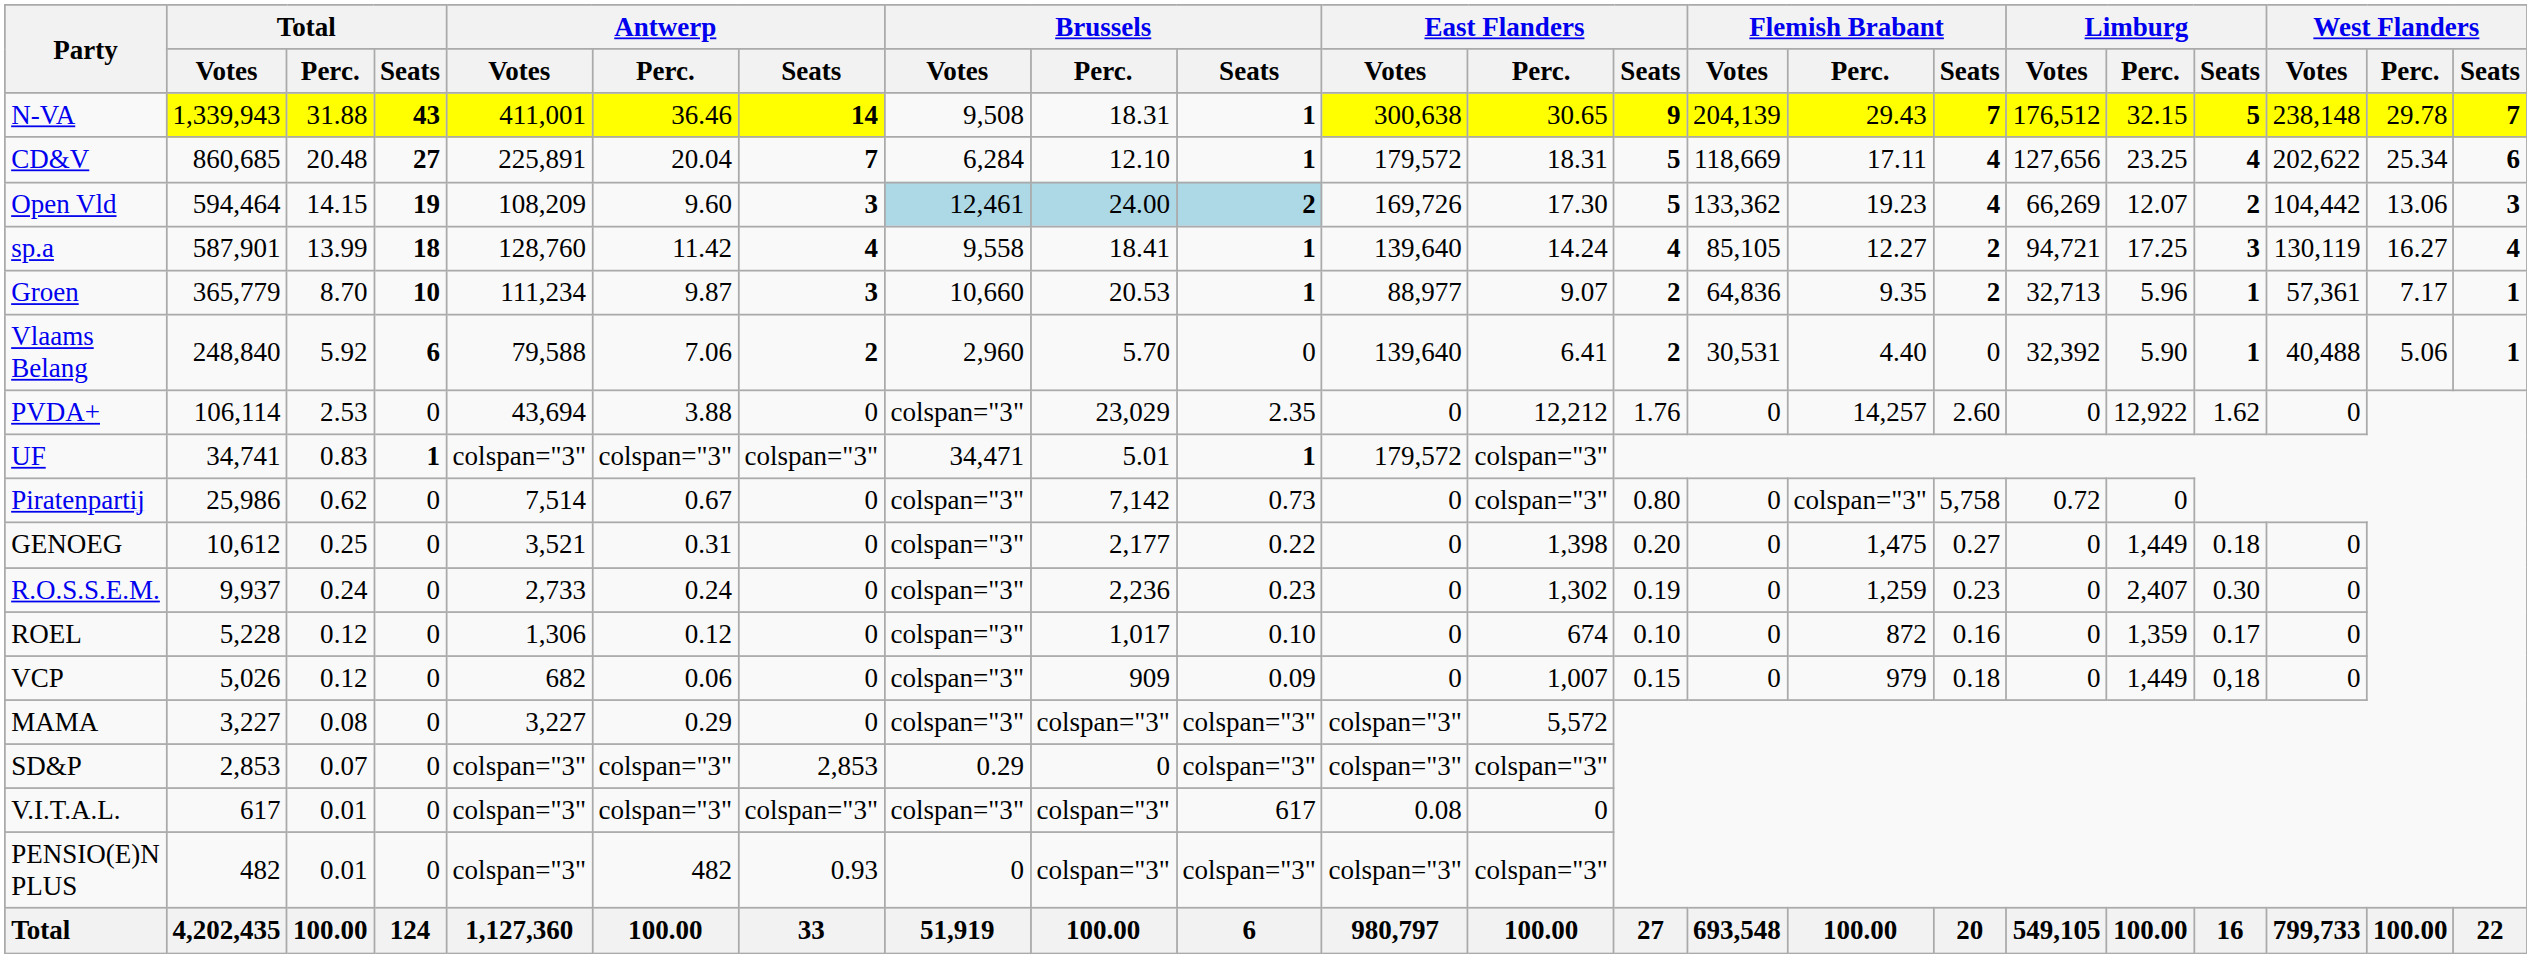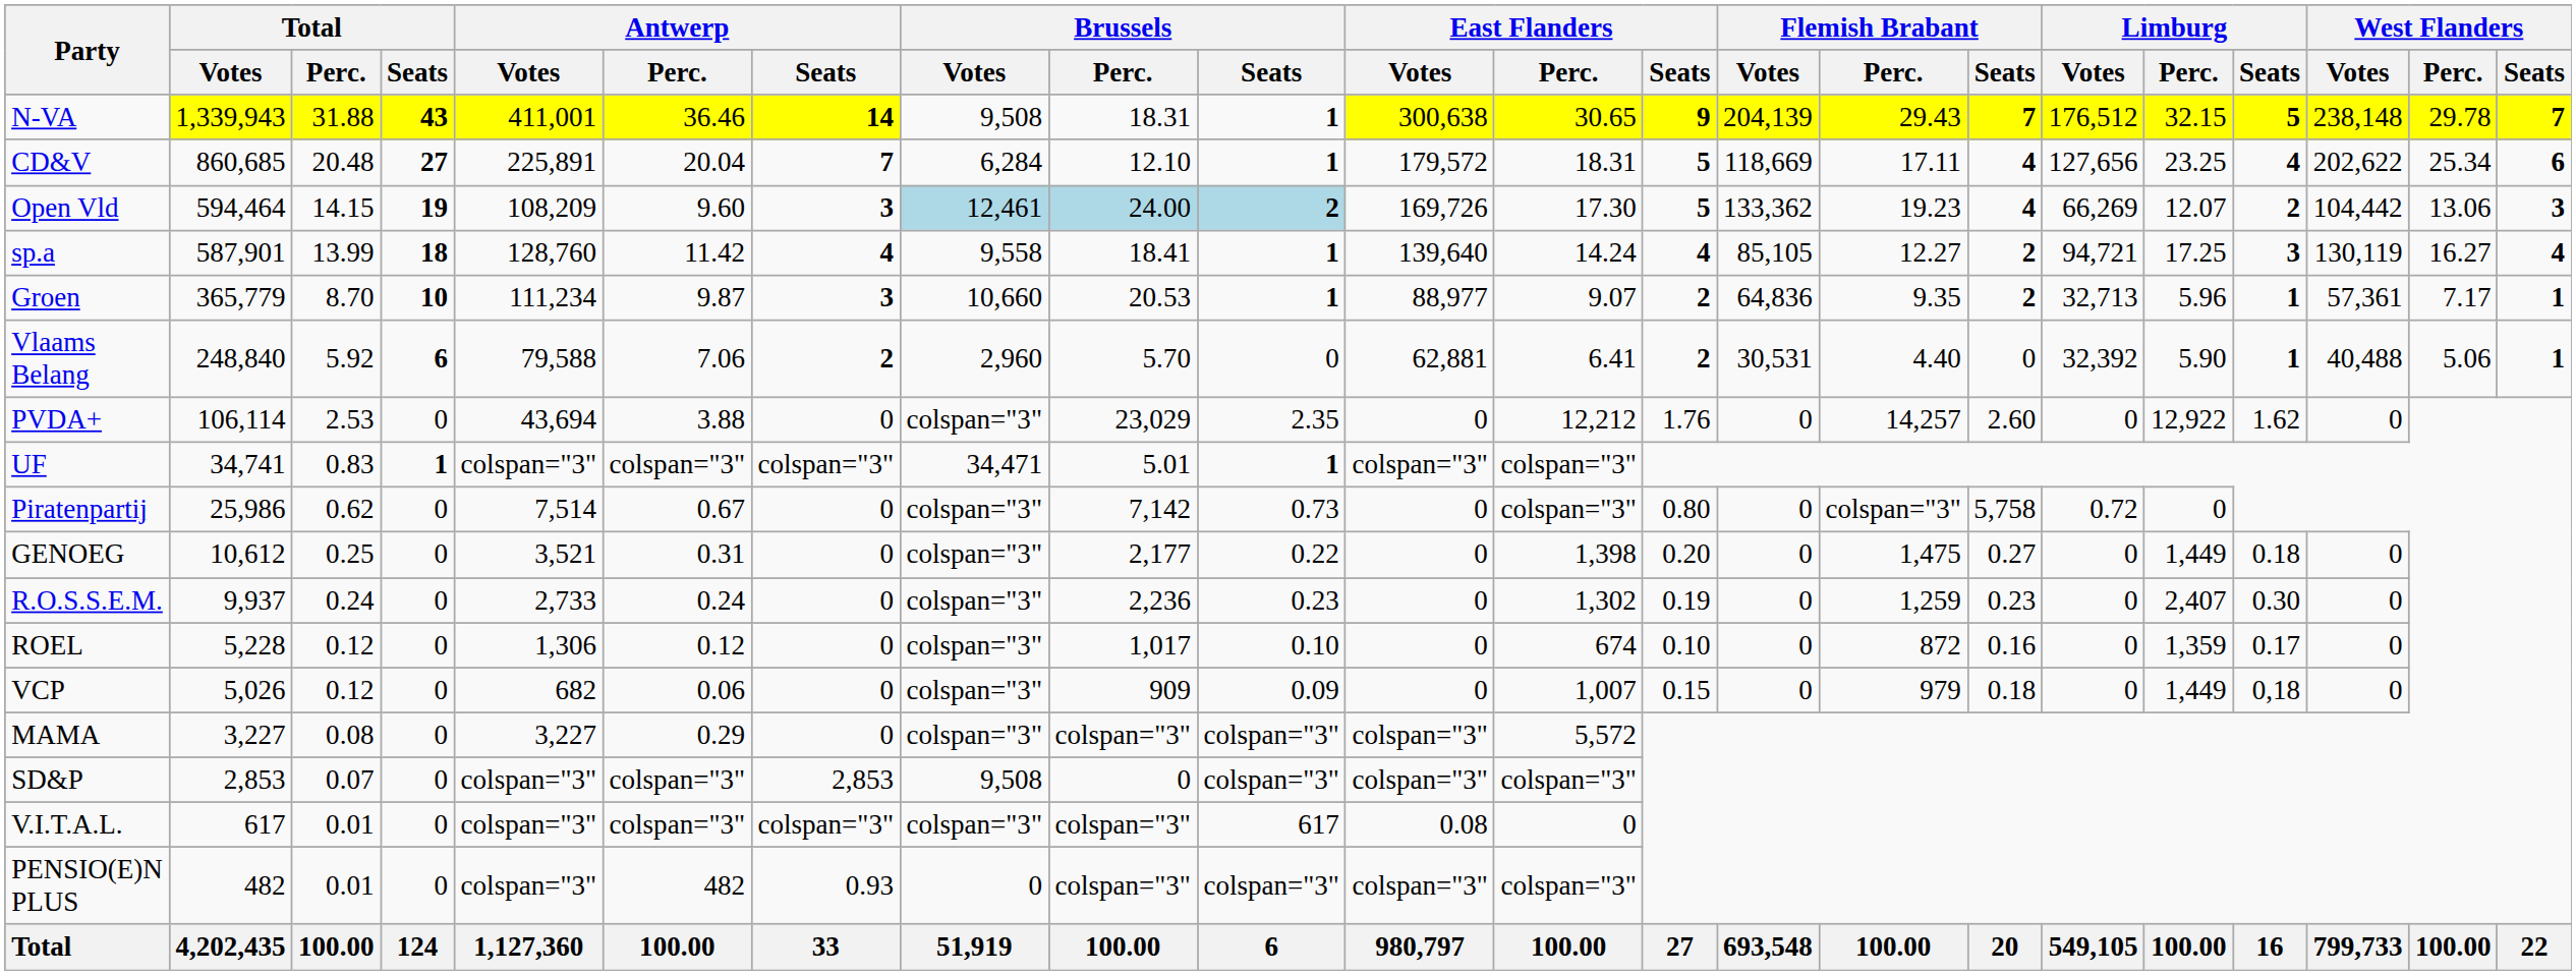 <table class="wikitable" style="font-size:96%;">
 <tr>
 <th rowspan=2>Party</th>
 <th colspan=3>Total</th>
 <th colspan=3><a href='#'>Antwerp</a></th>
 <th colspan=3><a href='#'>Brussels</a></th>
 <th colspan=3><a href='#'>East Flanders</a></th>
 <th colspan=3><a href='#'>Flemish Brabant</a></th>
 <th colspan=3><a href='#'>Limburg</a></th>
 <th colspan=3><a href='#'>West Flanders</a></th>
 </tr>
 <tr>
 <th>Votes</th>
 <th>Perc.</th>
 <th>Seats</th>
 <th>Votes</th>
 <th>Perc.</th>
 <th>Seats</th>
 <th>Votes</th>
 <th>Perc.</th>
 <th>Seats</th>
 <th>Votes</th>
 <th>Perc.</th>
 <th>Seats</th>
 <th>Votes</th>
 <th>Perc.</th>
 <th>Seats</th>
 <th>Votes</th>
 <th>Perc.</th>
 <th>Seats</th>
 <th>Votes</th>
 <th>Perc.</th>
 <th>Seats</th>
 </tr>
 <tr style="text-align:right;">
 <td style="text-align:left;"><a href='#'>N-VA</a></td>
 <td style="background-color:yellow">1,339,943</td>
 <td style="background-color:yellow">31.88</td>
 <td style="background-color:yellow"><strong>43</strong></td>
 <td style="background-color:yellow">411,001</td>
 <td style="background-color:yellow">36.46</td>
 <td style="background-color:yellow"><strong>14</strong></td>
 <td>9,508</td>
 <td>18.31</td>
 <td><strong>1</strong></td>
 <td style="background-color:yellow">300,638</td>
 <td style="background-color:yellow">30.65</td>
 <td style="background-color:yellow"><strong>9</strong></td>
 <td style="background-color:yellow">204,139</td>
 <td style="background-color:yellow">29.43</td>
 <td style="background-color:yellow"><strong>7</strong></td>
 <td style="background-color:yellow">176,512</td>
 <td style="background-color:yellow">32.15</td>
 <td style="background-color:yellow"><strong>5</strong></td>
 <td style="background-color:yellow">238,148</td>
 <td style="background-color:yellow">29.78</td>
 <td style="background-color:yellow"><strong>7</strong></td>
 </tr>
 <tr style="text-align:right;">
 <td style="text-align:left;"><a href='#'>CD&V</a></td>
 <td>860,685</td>
 <td>20.48</td>
 <td><strong>27</strong></td>
 <td>225,891</td>
 <td>20.04</td>
 <td><strong>7</strong></td>
 <td>6,284</td>
 <td>12.10</td>
 <td><strong>1</strong></td>
 <td>179,572</td>
 <td>18.31</td>
 <td><strong>5</strong></td>
 <td>118,669</td>
 <td>17.11</td>
 <td><strong>4</strong></td>
 <td>127,656</td>
 <td>23.25</td>
 <td><strong>4</strong></td>
 <td>202,622</td>
 <td>25.34</td>
 <td><strong>6</strong></td>
 </tr>
 <tr style="text-align:right;">
 <td style="text-align:left;"><a href='#'>Open Vld</a></td>
 <td>594,464</td>
 <td>14.15</td>
 <td><strong>19</strong></td>
 <td>108,209</td>
 <td>9.60</td>
 <td><strong>3</strong></td>
 <td style="background-color:lightblue">12,461</td>
 <td style="background-color:lightblue">24.00</td>
 <td style="background-color:lightblue"><strong>2</strong></td>
 <td>169,726</td>
 <td>17.30</td>
 <td><strong>5</strong></td>
 <td>133,362</td>
 <td>19.23</td>
 <td><strong>4</strong></td>
 <td>66,269</td>
 <td>12.07</td>
 <td><strong>2</strong></td>
 <td>104,442</td>
 <td>13.06</td>
 <td><strong>3</strong></td>
 </tr>
 <tr style="text-align:right;">
 <td style="text-align:left;"><a href='#'>sp.a</a></td>
 <td>587,901</td>
 <td>13.99</td>
 <td><strong>18</strong></td>
 <td>128,760</td>
 <td>11.42</td>
 <td><strong>4</strong></td>
 <td>9,558</td>
 <td>18.41</td>
 <td><strong>1</strong></td>
 <td>139,640</td>
 <td>14.24</td>
 <td><strong>4</strong></td>
 <td>85,105</td>
 <td>12.27</td>
 <td><strong>2</strong></td>
 <td>94,721</td>
 <td>17.25</td>
 <td><strong>3</strong></td>
 <td>130,119</td>
 <td>16.27</td>
 <td><strong>4</strong></td>
 </tr>
 <tr style="text-align:right;">
 <td style="text-align:left;"><a href='#'>Groen</a></td>
 <td>365,779</td>
 <td>8.70</td>
 <td><strong>10</strong></td>
 <td>111,234</td>
 <td>9.87</td>
 <td><strong>3</strong></td>
 <td>10,660</td>
 <td>20.53</td>
 <td><strong>1</strong></td>
 <td>88,977</td>
 <td>9.07</td>
 <td><strong>2</strong></td>
 <td>64,836</td>
 <td>9.35</td>
 <td><strong>2</strong></td>
 <td>32,713</td>
 <td>5.96</td>
 <td><strong>1</strong></td>
 <td>57,361</td>
 <td>7.17</td>
 <td><strong>1</strong></td>
 </tr>
 <tr style="text-align:right;">
 <td style="text-align:left;"><a href='#'>Vlaams Belang</a></td>
 <td>248,840</td>
 <td>5.92</td>
 <td><strong>6</strong></td>
 <td>79,588</td>
 <td>7.06</td>
 <td><strong>2</strong></td>
 <td>2,960</td>
 <td>5.70</td>
 <td>0</td>
-<td>139,640</td>
+<td>62,881</td>
 <td>6.41</td>
 <td><strong>2</strong></td>
 <td>30,531</td>
 <td>4.40</td>
 <td>0</td>
 <td>32,392</td>
 <td>5.90</td>
 <td><strong>1</strong></td>
 <td>40,488</td>
 <td>5.06</td>
 <td><strong>1</strong></td>
 </tr>
 <tr style="text-align:right;">
 <td style="text-align:left;"><a href='#'>PVDA+</a></td>
 <td>106,114</td>
 <td>2.53</td>
 <td>0</td>
 <td>43,694</td>
 <td>3.88</td>
 <td>0</td>
 <td>colspan="3" </td>
 <td>23,029</td>
 <td>2.35</td>
 <td>0</td>
 <td>12,212</td>
 <td>1.76</td>
 <td>0</td>
 <td>14,257</td>
 <td>2.60</td>
 <td>0</td>
 <td>12,922</td>
 <td>1.62</td>
 <td>0</td>
 </tr>
 <tr style="text-align:right;">
 <td style="text-align:left;"><a href='#'>UF</a></td>
 <td>34,741</td>
 <td>0.83</td>
 <td><strong>1</strong></td>
 <td>colspan="3" </td>
 <td>colspan="3" </td>
 <td>colspan="3" </td>
 <td>34,471</td>
 <td>5.01</td>
 <td><strong>1</strong></td>
-<td>179,572</td>
+<td>colspan="3" </td>
 <td>colspan="3" </td>
 </tr>
 <tr style="text-align:right;">
 <td style="text-align:left;"><a href='#'>Piratenpartij</a></td>
 <td>25,986</td>
 <td>0.62</td>
 <td>0</td>
 <td>7,514</td>
 <td>0.67</td>
 <td>0</td>
 <td>colspan="3" </td>
 <td>7,142</td>
 <td>0.73</td>
 <td>0</td>
 <td>colspan="3" </td>
 <td>0.80</td>
 <td>0</td>
 <td>colspan="3" </td>
 <td>5,758</td>
 <td>0.72</td>
 <td>0</td>
 </tr>
 <tr style="text-align:right;">
 <td style="text-align:left;">GENOEG</td>
 <td>10,612</td>
 <td>0.25</td>
 <td>0</td>
 <td>3,521</td>
 <td>0.31</td>
 <td>0</td>
 <td>colspan="3" </td>
 <td>2,177</td>
 <td>0.22</td>
 <td>0</td>
 <td>1,398</td>
 <td>0.20</td>
 <td>0</td>
 <td>1,475</td>
 <td>0.27</td>
 <td>0</td>
 <td>1,449</td>
 <td>0.18</td>
 <td>0</td>
 </tr>
 <tr style="text-align:right;">
 <td style="text-align:left;"><a href='#'>R.O.S.S.E.M.</a></td>
 <td>9,937</td>
 <td>0.24</td>
 <td>0</td>
 <td>2,733</td>
 <td>0.24</td>
 <td>0</td>
 <td>colspan="3" </td>
 <td>2,236</td>
 <td>0.23</td>
 <td>0</td>
 <td>1,302</td>
 <td>0.19</td>
 <td>0</td>
 <td>1,259</td>
 <td>0.23</td>
 <td>0</td>
 <td>2,407</td>
 <td>0.30</td>
 <td>0</td>
 </tr>
 <tr style="text-align:right;">
 <td style="text-align:left;">ROEL</td>
 <td>5,228</td>
 <td>0.12</td>
 <td>0</td>
 <td>1,306</td>
 <td>0.12</td>
 <td>0</td>
 <td>colspan="3" </td>
 <td>1,017</td>
 <td>0.10</td>
 <td>0</td>
 <td>674</td>
 <td>0.10</td>
 <td>0</td>
 <td>872</td>
 <td>0.16</td>
 <td>0</td>
 <td>1,359</td>
 <td>0.17</td>
 <td>0</td>
 </tr>
 <tr style="text-align:right;">
 <td style="text-align:left;">VCP</td>
 <td>5,026</td>
 <td>0.12</td>
 <td>0</td>
 <td>682</td>
 <td>0.06</td>
 <td>0</td>
 <td>colspan="3" </td>
 <td>909</td>
 <td>0.09</td>
 <td>0</td>
 <td>1,007</td>
 <td>0.15</td>
 <td>0</td>
 <td>979</td>
 <td>0.18</td>
 <td>0</td>
 <td>1,449</td>
 <td>0,18</td>
 <td>0</td>
 </tr>
 <tr style="text-align:right;">
 <td style="text-align:left;">MAMA</td>
 <td>3,227</td>
 <td>0.08</td>
 <td>0</td>
 <td>3,227</td>
 <td>0.29</td>
 <td>0</td>
 <td>colspan="3" </td>
 <td>colspan="3" </td>
 <td>colspan="3" </td>
 <td>colspan="3" </td>
 <td>5,572</td>
 </tr>
 <tr style="text-align:right;">
 <td style="text-align:left;">SD&P</td>
 <td>2,853</td>
 <td>0.07</td>
 <td>0</td>
 <td>colspan="3" </td>
 <td>colspan="3" </td>
 <td>2,853</td>
-<td>0.29</td>
+<td>9,508</td>
 <td>0</td>
 <td>colspan="3" </td>
 <td>colspan="3" </td>
 <td>colspan="3" </td>
 </tr>
 <tr style="text-align:right;">
 <td style="text-align:left;">V.I.T.A.L.</td>
 <td>617</td>
 <td>0.01</td>
 <td>0</td>
 <td>colspan="3" </td>
 <td>colspan="3" </td>
 <td>colspan="3" </td>
 <td>colspan="3" </td>
 <td>colspan="3" </td>
 <td>617</td>
 <td>0.08</td>
 <td>0</td>
 </tr>
 <tr style="text-align:right;">
 <td style="text-align:left;">PENSIO(E)N PLUS</td>
 <td>482</td>
 <td>0.01</td>
 <td>0</td>
 <td>colspan="3" </td>
 <td>482</td>
 <td>0.93</td>
 <td>0</td>
 <td>colspan="3" </td>
 <td>colspan="3" </td>
 <td>colspan="3" </td>
 <td>colspan="3" </td>
 </tr>
 <tr style="text-align:right;">
 <th style="text-align:left;">Total</th>
 <th>4,202,435</th>
 <th>100.00</th>
 <th>124</th>
 <th>1,127,360</th>
 <th>100.00</th>
 <th>33</th>
 <th>51,919</th>
 <th>100.00</th>
 <th>6</th>
 <th>980,797</th>
 <th>100.00</th>
 <th>27</th>
 <th>693,548</th>
 <th>100.00</th>
 <th>20</th>
 <th>549,105</th>
 <th>100.00</th>
 <th>16</th>
 <th>799,733</th>
 <th>100.00</th>
 <th>22</th>
 </tr>
 </table>
